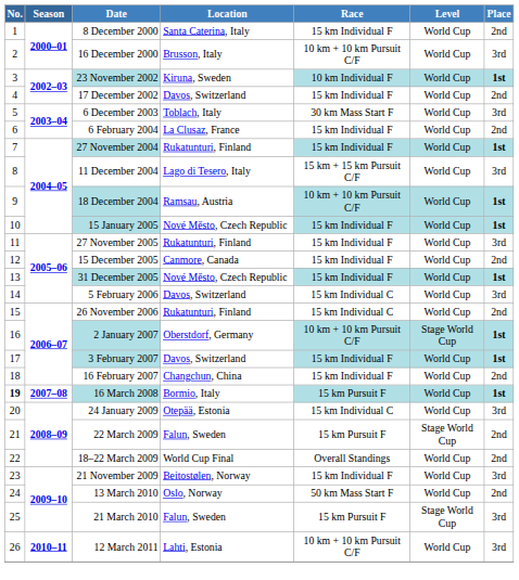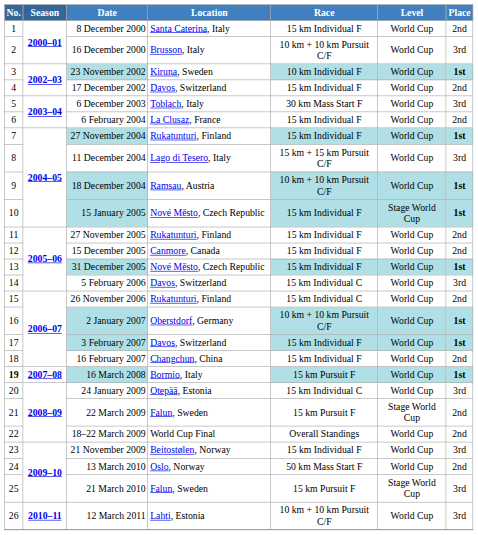 <table class="wikitable sortable" style="font-size:95%; text-align:center; border:grey solid 1px; border-collapse:collapse; background:#ffffff;">
 <tr style="background:#efefef;">
 <th style="background-color:#369; color:white;">No.</th>
 <th style="background-color:#369; color:white;">Season</th>
 <th style="background-color:#4180be; color:white; width:120px;">Date</th>
 <th style="background-color:#4180be; color:white; width:185px;">Location</th>
 <th style="background-color:#4180be; color:white; width:160px;">Race</th>
 <th style="background-color:#4180be; color:white; width:100px;">Level</th>
 <th style="background-color:#4180be; color:white;">Place</th>
 </tr>
 <tr>
 <td align=center>1</td>
 <td rowspan=2 align=center><strong> <a href='#'>2000–01</a> </strong></td>
 <td align=right>8 December 2000</td>
 <td align=left> <a href='#'>Santa Caterina</a>, Italy</td>
 <td>15 km Individual F</td>
 <td>World Cup</td>
 <td>2nd</td>
 </tr>
 <tr>
 <td align=center>2</td>
 <td align=right>16 December 2000</td>
 <td align=left> <a href='#'>Brusson</a>, Italy</td>
 <td>10 km + 10 km Pursuit C/F</td>
 <td>World Cup</td>
 <td>3rd</td>
 </tr>
 <tr>
 <td align=center>3</td>
 <td rowspan=2 align=center><strong><a href='#'>2002–03</a></strong></td>
 <td bgcolor="#BOEOE6" align=right>23 November 2002</td>
 <td align=left> <a href='#'>Kiruna</a>, Sweden</td>
 <td bgcolor="#BOEOE6">10 km Individual F</td>
 <td bgcolor="#BOEOE6">World Cup</td>
 <td bgcolor="#BOEOE6"><strong>1st</strong></td>
 </tr>
 <tr>
 <td align=center>4</td>
 <td align=right>17 December 2002</td>
 <td align=left> <a href='#'>Davos</a>, Switzerland</td>
 <td>15 km Individual F</td>
 <td>World Cup</td>
 <td>2nd</td>
 </tr>
 <tr>
 <td align=center>5</td>
 <td rowspan=2 align=center><strong> <a href='#'>2003–04</a> </strong></td>
 <td align=right>6 December 2003</td>
 <td align=left> <a href='#'>Toblach</a>, Italy</td>
 <td>30 km Mass Start F</td>
 <td>World Cup</td>
 <td>3rd</td>
 </tr>
 <tr>
 <td align=center>6</td>
 <td align=right>6 February 2004</td>
 <td align=left> <a href='#'>La Clusaz</a>, France</td>
 <td>15 km Individual F</td>
 <td>World Cup</td>
 <td>2nd</td>
 </tr>
 <tr>
 <td align=center>7</td>
 <td rowspan=4 align=center><strong><a href='#'>2004–05</a></strong></td>
 <td bgcolor="#BOEOE6" align=right>27 November 2004</td>
 <td align=left> <a href='#'>Rukatunturi</a>, Finland</td>
 <td bgcolor="#BOEOE6">15 km Individual F</td>
 <td bgcolor="#BOEOE6">World Cup</td>
 <td bgcolor="#BOEOE6"><strong>1st</strong></td>
 </tr>
 <tr>
 <td align=center>8</td>
 <td align=right>11 December 2004</td>
 <td align=left> <a href='#'>Lago di Tesero</a>, Italy</td>
 <td>15 km + 15 km Pursuit C/F</td>
 <td>World Cup</td>
 <td>3rd</td>
 </tr>
 <tr>
 <td align=center>9</td>
 <td bgcolor="#BOEOE6" align=right>18 December 2004</td>
 <td align=left> <a href='#'>Ramsau</a>, Austria</td>
 <td bgcolor="#BOEOE6">10 km + 10 km Pursuit C/F</td>
 <td bgcolor="#BOEOE6">World Cup</td>
 <td bgcolor="#BOEOE6"><strong>1st</strong></td>
 </tr>
 <tr>
 <td align=center>10</td>
 <td bgcolor="#BOEOE6" align=right>15 January 2005</td>
 <td align=left> <a href='#'>Nové Město</a>, Czech Republic</td>
 <td bgcolor="#BOEOE6">15 km Individual F</td>
-<td bgcolor="#BOEOE6">World Cup</td>
+<td bgcolor="#BOEOE6">Stage World Cup</td>
 <td bgcolor="#BOEOE6"><strong>1st</strong></td>
 </tr>
 <tr>
 <td align=center>11</td>
 <td rowspan=4 align=center><strong> <a href='#'>2005–06</a> </strong></td>
 <td align=right>27 November 2005</td>
 <td align=left> <a href='#'>Rukatunturi</a>, Finland</td>
 <td>15 km Individual F</td>
 <td>World Cup</td>
-<td>3rd</td>
+<td>2nd</td>
 </tr>
 <tr>
 <td align=center>12</td>
 <td align=right>15 December 2005</td>
 <td align=left> <a href='#'>Canmore</a>, Canada</td>
 <td>15 km Individual F</td>
 <td>World Cup</td>
 <td>2nd</td>
 </tr>
 <tr>
 <td align=center>13</td>
 <td bgcolor="#BOEOE6" align=right>31 December 2005</td>
 <td align=left> <a href='#'>Nové Město</a>, Czech Republic</td>
 <td bgcolor="#BOEOE6">15 km Individual F</td>
 <td bgcolor="#BOEOE6">World Cup</td>
 <td bgcolor="#BOEOE6"><strong>1st</strong></td>
 </tr>
 <tr>
 <td align=center>14</td>
 <td align=right>5 February 2006</td>
 <td align=left> <a href='#'>Davos</a>, Switzerland</td>
 <td>15 km Individual C</td>
 <td>World Cup</td>
 <td>3rd</td>
 </tr>
 <tr>
 <td align=center>15</td>
 <td rowspan=4 align=center><strong> <a href='#'>2006–07</a> </strong></td>
 <td align=right>26 November 2006</td>
 <td align=left> <a href='#'>Rukatunturi</a>, Finland</td>
 <td>15 km Individual C</td>
 <td>World Cup</td>
 <td>2nd</td>
 </tr>
 <tr>
 <td align=center>16</td>
 <td bgcolor="#BOEOE6" align=right>2 January 2007</td>
 <td align=left> <a href='#'>Oberstdorf</a>, Germany</td>
 <td bgcolor="#BOEOE6">10 km + 10 km Pursuit C/F</td>
-<td bgcolor="#BOEOE6">Stage World Cup</td>
+<td bgcolor="#BOEOE6">World Cup</td>
 <td bgcolor="#BOEOE6"><strong>1st</strong></td>
 </tr>
 <tr>
 <td align=center>17</td>
 <td bgcolor="#BOEOE6" align=right>3 February 2007</td>
 <td align=left> <a href='#'>Davos</a>, Switzerland</td>
 <td bgcolor="#BOEOE6">15 km Individual F</td>
 <td bgcolor="#BOEOE6">World Cup</td>
 <td bgcolor="#BOEOE6"><strong>1st</strong></td>
 </tr>
 <tr>
 <td align=center>18</td>
 <td align=right>16 February 2007</td>
 <td align=left> <a href='#'>Changchun</a>, China</td>
 <td>15 km Individual F</td>
 <td>World Cup</td>
 <td>2nd</td>
 </tr>
 <tr>
 <td align=center><strong>19</strong></td>
 <td rowspan=1 align=center><strong><a href='#'>2007–08</a></strong></td>
 <td bgcolor="#BOEOE6" align=right>16 March 2008</td>
 <td align=left> <a href='#'>Bormio</a>, Italy</td>
 <td bgcolor="#BOEOE6">15 km Pursuit F</td>
 <td bgcolor="#BOEOE6">World Cup</td>
 <td bgcolor="#BOEOE6"><strong>1st</strong></td>
 </tr>
 <tr>
 <td align=center>20</td>
 <td rowspan=3 align=center><strong> <a href='#'>2008–09</a> </strong></td>
 <td align=right>24 January 2009</td>
 <td align=left> <a href='#'>Otepää</a>, Estonia</td>
 <td>15 km Individual C</td>
 <td>World Cup</td>
 <td>3rd</td>
 </tr>
 <tr>
 <td align=center>21</td>
 <td align=right>22 March 2009</td>
 <td align=left> <a href='#'>Falun</a>, Sweden</td>
 <td>15 km Pursuit F</td>
 <td>Stage World Cup</td>
 <td>2nd</td>
 </tr>
 <tr>
 <td align=center>22</td>
 <td align=right>18–22 March 2009</td>
 <td align=left> World Cup Final</td>
 <td>Overall Standings</td>
 <td>World Cup</td>
 <td>2nd</td>
 </tr>
 <tr>
 <td align=center>23</td>
 <td rowspan=3 align=center><strong> <a href='#'>2009–10</a> </strong></td>
 <td align=right>21 November 2009</td>
 <td align=left> <a href='#'>Beitostølen</a>, Norway</td>
 <td>15 km Individual F</td>
 <td>World Cup</td>
 <td>3rd</td>
 </tr>
 <tr>
 <td align=center>24</td>
 <td align=right>13 March 2010</td>
 <td align=left> <a href='#'>Oslo</a>, Norway</td>
 <td>50 km Mass Start F</td>
 <td>World Cup</td>
 <td>2nd</td>
 </tr>
 <tr>
 <td align=center>25</td>
 <td align=right>21 March 2010</td>
 <td align=left> <a href='#'>Falun</a>, Sweden</td>
 <td>15 km Pursuit F</td>
 <td>Stage World Cup</td>
 <td>3rd</td>
 </tr>
 <tr>
 <td align=center>26</td>
 <td rowspan=1 align=center><strong> <a href='#'>2010–11</a> </strong></td>
 <td align=right>12 March 2011</td>
 <td align=left> <a href='#'>Lahti</a>, Estonia</td>
 <td>10 km + 10 km Pursuit C/F</td>
 <td>World Cup</td>
 <td>3rd</td>
 </tr>
 <tr>
 </tr>
 </table>
